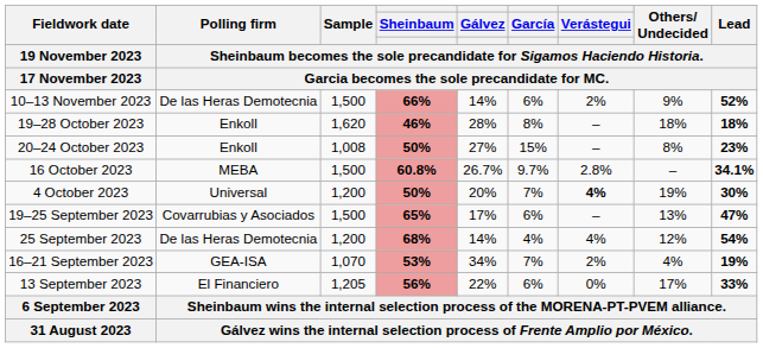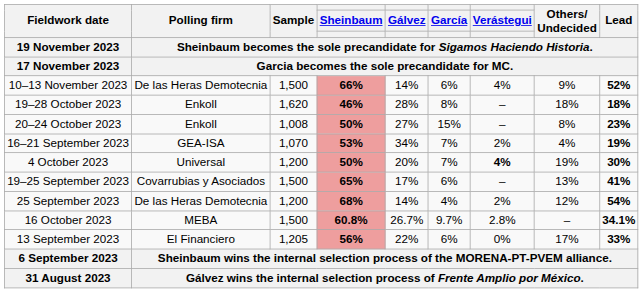 <table class="wikitable sortable" style="text-align:center;font-size:90%;line-height:17px">
 <tr>
 <th rowspan="3" class="unsortable">Fieldwork date</th>
 <th rowspan="3" class="unsortable">Polling firm</th>
 <th rowspan="3" class="unsortable">Sample</th>
 <th></th>
 <th></th>
 <th></th>
 <th></th>
 <th rowspan="3" class="unsortable">Others/<br>Undecided</th>
 <th rowspan="3">Lead</th>
 </tr>
 <tr>
 <th><a href='#'>Sheinbaum</a><br></th>
 <th><a href='#'>Gálvez</a><br></th>
 <th><a href='#'>García</a><br></th>
 <th><a href='#'>Verástegui</a><br></th>
 </tr>
 <tr>
 <th style="background:"></th>
 <th style="background:"></th>
 <th style="background:"></th>
 <th style="background:"></th>
 </tr>
 <tr>
 <th>19 November 2023</th>
 <th colspan="8">Sheinbaum becomes the sole precandidate for <em>Sigamos Haciendo Historia</em>.</th>
 </tr>
 <tr>
 <th>17 November 2023</th>
 <th colspan="8">Garcia becomes the sole precandidate for MC.</th>
 </tr>
 <tr>
 <td>10–13 November 2023</td>
 <td>De las Heras Demotecnia</td>
 <td>1,500</td>
 <td bgcolor="#ee9e9e"><strong>66%</strong></td>
 <td>14%</td>
 <td>6%</td>
-<td>2%</td>
+<td>4%</td>
 <td>9%</td>
 <td style="background:"><span><strong>52%</strong></span></td>
 </tr>
 <tr>
 <td>19–28 October 2023</td>
 <td>Enkoll</td>
 <td>1,620</td>
 <td bgcolor="#ee9e9e"><strong>46%</strong></td>
 <td>28%</td>
 <td>8%</td>
 <td>–</td>
 <td>18%</td>
 <td style="background:"><span><strong>18%</strong></span></td>
 </tr>
 <tr>
 <td>20–24 October 2023</td>
 <td>Enkoll</td>
 <td>1,008</td>
 <td bgcolor="#ee9e9e"><strong>50%</strong></td>
 <td>27%</td>
 <td>15%</td>
 <td>–</td>
 <td>8%</td>
 <td style="background:"><span><strong>23%</strong></span></td>
 </tr>
 <tr>
-<td>16 October 2023</td>
-<td>MEBA</td>
-<td>1,500</td>
-<td bgcolor="#ee9e9e"><strong>60.8%</strong></td>
-<td>26.7%</td>
-<td>9.7%</td>
-<td>2.8%</td>
-<td>–</td>
-<td style="background:"><span><strong>34.1%</strong></span></td>
+<td>16–21 September 2023</td>
+<td>GEA-ISA</td>
+<td>1,070</td>
+<td bgcolor="#ee9e9e"><strong>53%</strong></td>
+<td>34%</td>
+<td>7%</td>
+<td>2%</td>
+<td>4%</td>
+<td style="background:"><span><strong>19%</strong></span></td>
 </tr>
 <tr>
 <td>4 October 2023</td>
 <td>Universal</td>
 <td>1,200</td>
 <td bgcolor="#ee9e9e"><strong>50%</strong></td>
 <td>20%</td>
 <td>7%</td>
 <td><strong>4%</strong></td>
 <td>19%</td>
 <td style="background:"><span><strong>30%</strong></span></td>
 </tr>
 <tr>
 <td>19–25 September 2023</td>
 <td>Covarrubias y Asociados</td>
 <td>1,500</td>
 <td bgcolor="#ee9e9e"><strong>65%</strong></td>
 <td>17%</td>
 <td>6%</td>
 <td>–</td>
 <td>13%</td>
-<td style="background:"><span><strong>47%</strong></span></td>
+<td style="background:"><span><strong>41%</strong></span></td>
 </tr>
 <tr>
 <td>25 September 2023</td>
 <td>De las Heras Demotecnia</td>
 <td>1,200</td>
 <td bgcolor="#ee9e9e"><strong>68%</strong></td>
 <td>14%</td>
 <td>4%</td>
-<td>4%</td>
+<td>2%</td>
 <td>12%</td>
 <td style="background:"><span><strong>54%</strong></span></td>
 </tr>
 <tr>
-<td>16–21 September 2023</td>
-<td>GEA-ISA</td>
-<td>1,070</td>
-<td bgcolor="#ee9e9e"><strong>53%</strong></td>
-<td>34%</td>
-<td>7%</td>
-<td>2%</td>
-<td>4%</td>
-<td style="background:"><span><strong>19%</strong></span></td>
+<td>16 October 2023</td>
+<td>MEBA</td>
+<td>1,500</td>
+<td bgcolor="#ee9e9e"><strong>60.8%</strong></td>
+<td>26.7%</td>
+<td>9.7%</td>
+<td>2.8%</td>
+<td>–</td>
+<td style="background:"><span><strong>34.1%</strong></span></td>
 </tr>
 <tr>
 <td>13 September 2023</td>
 <td>El Financiero</td>
 <td>1,205</td>
 <td bgcolor="#ee9e9e"><strong>56%</strong></td>
 <td>22%</td>
 <td>6%</td>
 <td>0%</td>
 <td>17%</td>
 <td style="background:"><span><strong>33%</strong></span></td>
 </tr>
 <tr>
 <th>6 September 2023</th>
 <th colspan="8">Sheinbaum wins the internal selection process of the MORENA-PT-PVEM alliance.</th>
 </tr>
 <tr>
 <th>31 August 2023</th>
 <th colspan="8">Gálvez wins the internal selection process of <em>Frente Amplio por México</em>.</th>
 </tr>
 </table>
